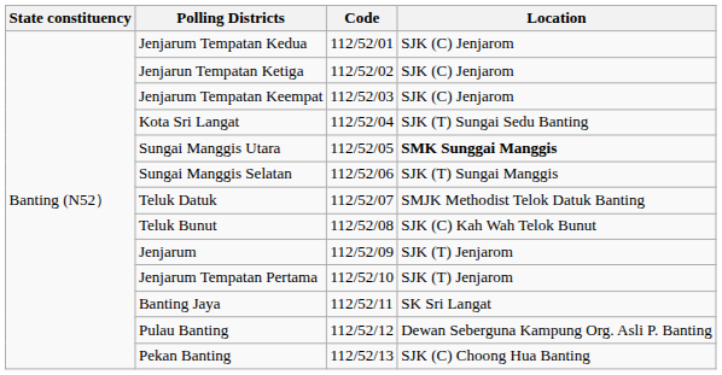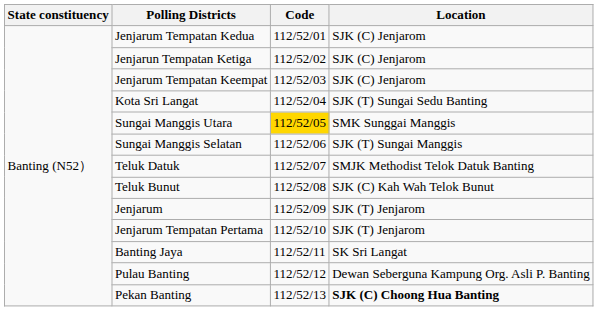 <table class="wikitable sortable mw-collapsible" style="white-space:nowrap;font-size:85%">
 <tr>
 <th>State constituency</th>
 <th>Polling Districts</th>
 <th>Code</th>
 <th>Location</th>
 </tr>
 <tr>
 <td rowspan="13">Banting (N52）</td>
 <td>Jenjarum Tempatan Kedua</td>
 <td>112/52/01</td>
 <td>SJK (C) Jenjarom</td>
 </tr>
 <tr>
 <td>Jenjarun Tempatan Ketiga</td>
 <td>112/52/02</td>
 <td>SJK (C) Jenjarom</td>
 </tr>
 <tr>
 <td>Jenjarum Tempatan Keempat</td>
 <td>112/52/03</td>
 <td>SJK (C) Jenjarom</td>
 </tr>
 <tr>
 <td>Kota Sri Langat</td>
 <td>112/52/04</td>
 <td>SJK (T) Sungai Sedu Banting</td>
 </tr>
 <tr>
 <td>Sungai Manggis Utara</td>
-<td>112/52/05</td>
-<td><strong>SMK Sunggai Manggis</strong></td>
+<td style="background: gold;">112/52/05</td>
+<td>SMK Sunggai Manggis</td>
 </tr>
 <tr>
 <td>Sungai Manggis Selatan</td>
 <td>112/52/06</td>
 <td>SJK (T) Sungai Manggis</td>
 </tr>
 <tr>
 <td>Teluk Datuk</td>
 <td>112/52/07</td>
 <td>SMJK Methodist Telok Datuk Banting</td>
 </tr>
 <tr>
 <td>Teluk Bunut</td>
 <td>112/52/08</td>
 <td>SJK (C) Kah Wah Telok Bunut</td>
 </tr>
 <tr>
 <td>Jenjarum</td>
 <td>112/52/09</td>
 <td>SJK (T) Jenjarom</td>
 </tr>
 <tr>
 <td>Jenjarum Tempatan Pertama</td>
 <td>112/52/10</td>
 <td>SJK (T) Jenjarom</td>
 </tr>
 <tr>
 <td>Banting Jaya</td>
 <td>112/52/11</td>
 <td>SK Sri Langat</td>
 </tr>
 <tr>
 <td>Pulau Banting</td>
 <td>112/52/12</td>
 <td>Dewan Seberguna Kampung Org. Asli P. Banting</td>
 </tr>
 <tr>
 <td>Pekan Banting</td>
 <td>112/52/13</td>
-<td>SJK (C) Choong Hua Banting</td>
+<td><strong>SJK (C) Choong Hua Banting</strong></td>
 </tr>
 </table>
